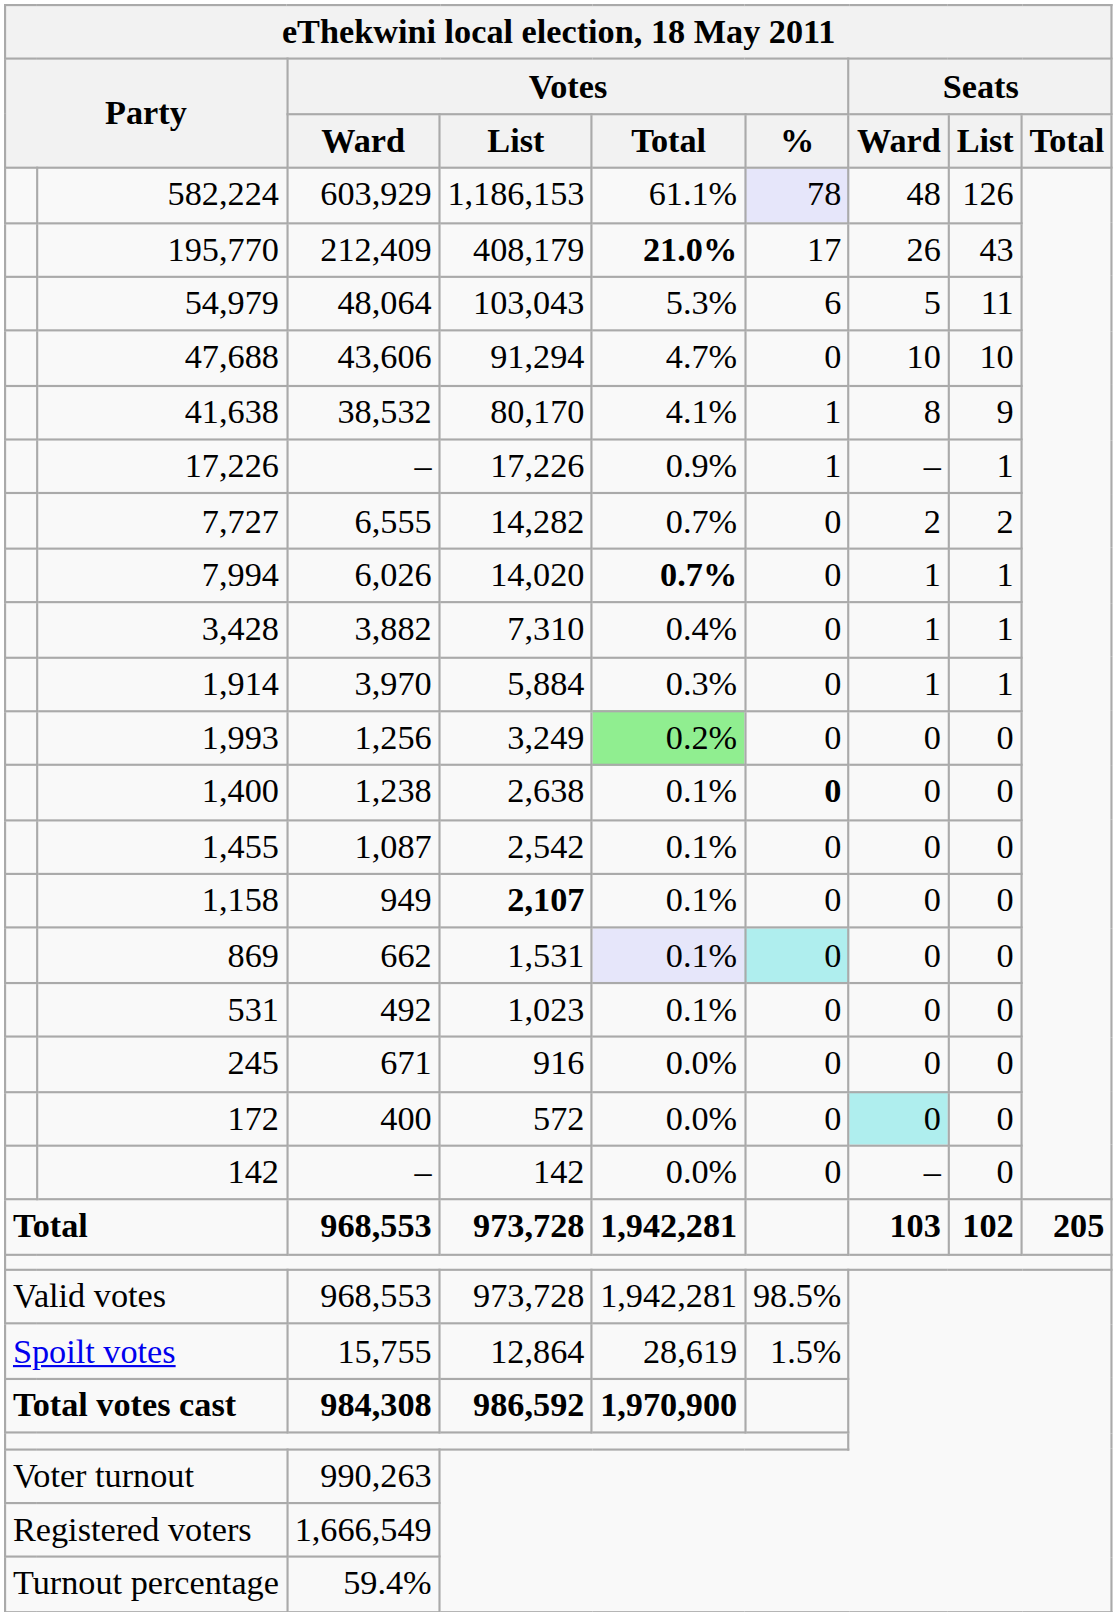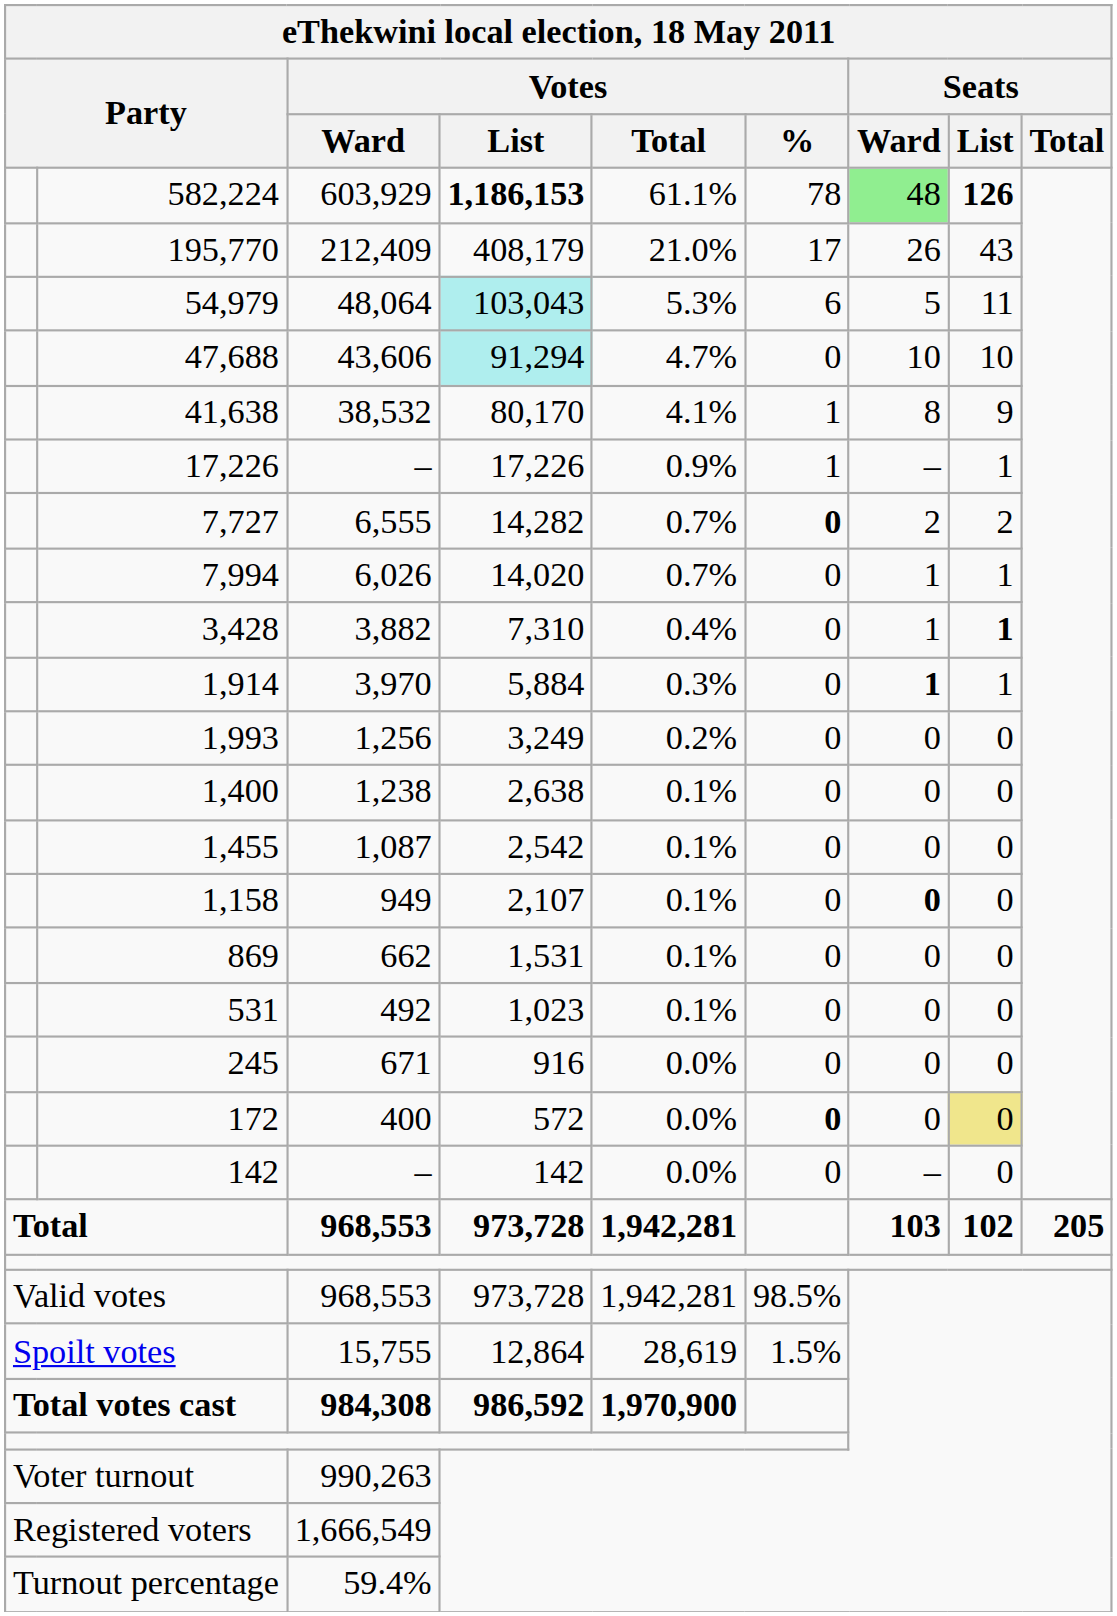 <table class=wikitable style="text-align:right">
 <tr>
 <th colspan="9" align="center">eThekwini local election, 18 May 2011</th>
 </tr>
 <tr>
 <th rowspan="2" colspan="2">Party</th>
 <th colspan="4" align="center">Votes</th>
 <th colspan="3" align="center">Seats</th>
 </tr>
 <tr>
 <th>Ward</th>
 <th>List</th>
 <th>Total</th>
 <th>%</th>
 <th>Ward</th>
 <th>List</th>
 <th>Total</th>
 </tr>
 <tr>
 <td></td>
 <td>582,224</td>
 <td>603,929</td>
-<td>1,186,153</td>
+<td><strong>1,186,153</strong></td>
 <td>61.1%</td>
-<td style="background: lavender;">78</td>
-<td>48</td>
-<td>126</td>
+<td>78</td>
+<td style="background: lightgreen;">48</td>
+<td><strong>126</strong></td>
 </tr>
 <tr>
 <td></td>
 <td>195,770</td>
 <td>212,409</td>
 <td>408,179</td>
-<td><strong>21.0%</strong></td>
+<td>21.0%</td>
 <td>17</td>
 <td>26</td>
 <td>43</td>
 </tr>
 <tr>
 <td></td>
 <td>54,979</td>
 <td>48,064</td>
-<td>103,043</td>
+<td style="background: paleturquoise;">103,043</td>
 <td>5.3%</td>
 <td>6</td>
 <td>5</td>
 <td>11</td>
 </tr>
 <tr>
 <td></td>
 <td>47,688</td>
 <td>43,606</td>
-<td>91,294</td>
+<td style="background: paleturquoise;">91,294</td>
 <td>4.7%</td>
 <td>0</td>
 <td>10</td>
 <td>10</td>
 </tr>
 <tr>
 <td></td>
 <td>41,638</td>
 <td>38,532</td>
 <td>80,170</td>
 <td>4.1%</td>
 <td>1</td>
 <td>8</td>
 <td>9</td>
 </tr>
 <tr>
 <td></td>
 <td>17,226</td>
 <td>–</td>
 <td>17,226</td>
 <td>0.9%</td>
 <td>1</td>
 <td>–</td>
 <td>1</td>
 </tr>
 <tr>
 <td></td>
 <td>7,727</td>
 <td>6,555</td>
 <td>14,282</td>
 <td>0.7%</td>
-<td>0</td>
+<td><strong>0</strong></td>
 <td>2</td>
 <td>2</td>
 </tr>
 <tr>
 <td></td>
 <td>7,994</td>
 <td>6,026</td>
 <td>14,020</td>
-<td><strong>0.7%</strong></td>
+<td>0.7%</td>
 <td>0</td>
 <td>1</td>
 <td>1</td>
 </tr>
 <tr>
 <td></td>
 <td>3,428</td>
 <td>3,882</td>
 <td>7,310</td>
 <td>0.4%</td>
 <td>0</td>
 <td>1</td>
-<td>1</td>
+<td><strong>1</strong></td>
 </tr>
 <tr>
 <td></td>
 <td>1,914</td>
 <td>3,970</td>
 <td>5,884</td>
 <td>0.3%</td>
 <td>0</td>
-<td>1</td>
+<td><strong>1</strong></td>
 <td>1</td>
 </tr>
 <tr>
 <td></td>
 <td>1,993</td>
 <td>1,256</td>
 <td>3,249</td>
-<td style="background: lightgreen;">0.2%</td>
+<td>0.2%</td>
 <td>0</td>
 <td>0</td>
 <td>0</td>
 </tr>
 <tr>
 <td></td>
 <td>1,400</td>
 <td>1,238</td>
 <td>2,638</td>
 <td>0.1%</td>
-<td><strong>0</strong></td>
+<td>0</td>
 <td>0</td>
 <td>0</td>
 </tr>
 <tr>
 <td></td>
 <td>1,455</td>
 <td>1,087</td>
 <td>2,542</td>
 <td>0.1%</td>
 <td>0</td>
 <td>0</td>
 <td>0</td>
 </tr>
 <tr>
 <td></td>
 <td>1,158</td>
 <td>949</td>
-<td><strong>2,107</strong></td>
+<td>2,107</td>
 <td>0.1%</td>
 <td>0</td>
-<td>0</td>
+<td><strong>0</strong></td>
 <td>0</td>
 </tr>
 <tr>
 <td></td>
 <td>869</td>
 <td>662</td>
 <td>1,531</td>
-<td style="background: lavender;">0.1%</td>
-<td style="background: paleturquoise;">0</td>
+<td>0.1%</td>
+<td>0</td>
 <td>0</td>
 <td>0</td>
 </tr>
 <tr>
 <td></td>
 <td>531</td>
 <td>492</td>
 <td>1,023</td>
 <td>0.1%</td>
 <td>0</td>
 <td>0</td>
 <td>0</td>
 </tr>
 <tr>
 <td></td>
 <td>245</td>
 <td>671</td>
 <td>916</td>
 <td>0.0%</td>
 <td>0</td>
 <td>0</td>
 <td>0</td>
 </tr>
 <tr>
 <td></td>
 <td>172</td>
 <td>400</td>
 <td>572</td>
 <td>0.0%</td>
+<td><strong>0</strong></td>
 <td>0</td>
-<td style="background: paleturquoise;">0</td>
-<td>0</td>
+<td style="background: khaki;">0</td>
 </tr>
 <tr>
 <td></td>
 <td>142</td>
 <td>–</td>
 <td>142</td>
 <td>0.0%</td>
 <td>0</td>
 <td>–</td>
 <td>0</td>
 </tr>
 <tr>
 <td colspan="2" style="text-align:left"><strong>Total</strong></td>
 <td><strong>968,553</strong></td>
 <td><strong>973,728</strong></td>
 <td><strong>1,942,281</strong></td>
 <td></td>
 <td><strong>103</strong></td>
 <td><strong>102</strong></td>
 <td><strong>205</strong></td>
 </tr>
 <tr>
 <td colspan="9"></td>
 </tr>
 <tr>
 <td colspan="2" style="text-align:left">Valid votes</td>
 <td>968,553</td>
 <td>973,728</td>
 <td>1,942,281</td>
 <td>98.5%</td>
 </tr>
 <tr>
 <td colspan="2" style="text-align:left"><a href='#'>Spoilt votes</a></td>
 <td>15,755</td>
 <td>12,864</td>
 <td>28,619</td>
 <td>1.5%</td>
 </tr>
 <tr>
 <td colspan="2" style="text-align:left"><strong>Total votes cast</strong></td>
 <td><strong>984,308</strong></td>
 <td><strong>986,592</strong></td>
 <td><strong>1,970,900</strong></td>
 <td></td>
 </tr>
 <tr>
 <td colspan="6"></td>
 </tr>
 <tr>
 <td colspan="2" style="text-align:left">Voter turnout</td>
 <td>990,263</td>
 </tr>
 <tr>
 <td colspan="2" style="text-align:left">Registered voters</td>
 <td>1,666,549</td>
 </tr>
 <tr>
 <td colspan="2" style="text-align:left">Turnout percentage</td>
 <td>59.4%</td>
 </tr>
 </table>
